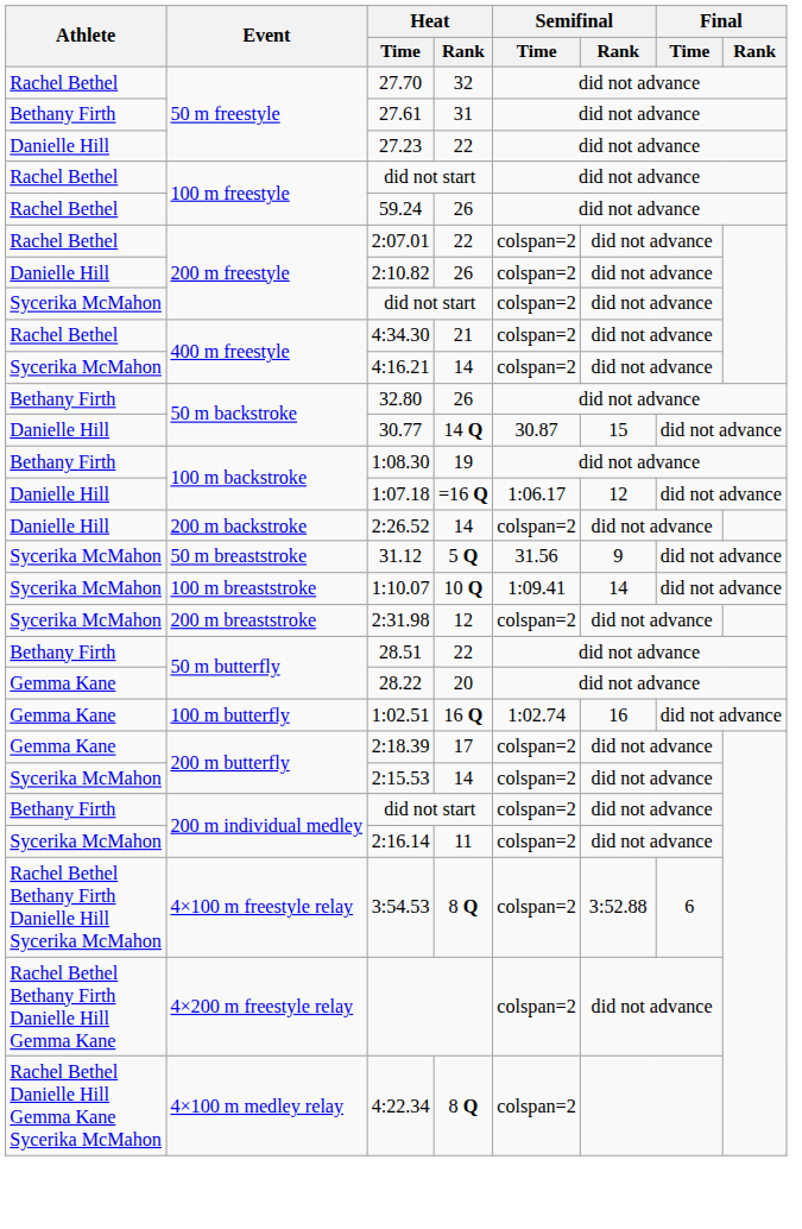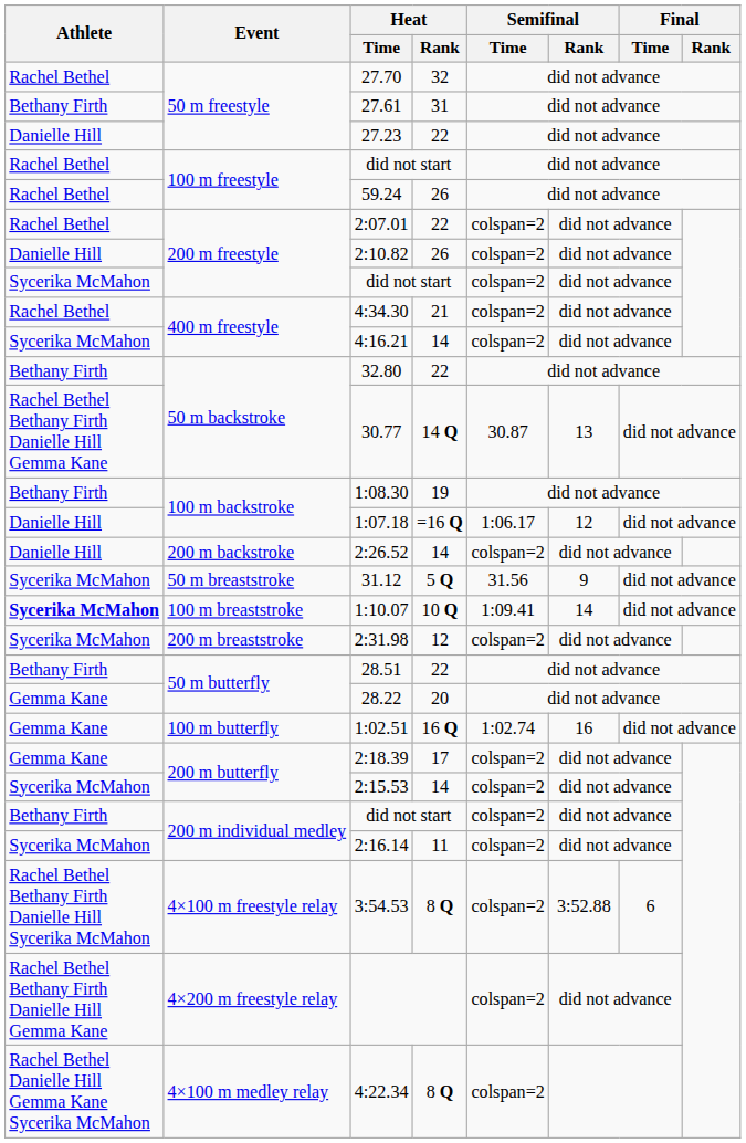 <table class=wikitable style=font-size:90%>
 <tr>
 <th rowspan=2>Athlete</th>
 <th rowspan=2>Event</th>
 <th colspan=2>Heat</th>
 <th colspan=2>Semifinal</th>
 <th colspan=2>Final</th>
 </tr>
 <tr style=font-size:95%>
 <th>Time</th>
 <th>Rank</th>
 <th>Time</th>
 <th>Rank</th>
 <th>Time</th>
 <th>Rank</th>
 </tr>
 <tr align=center>
 <td align=left><a href='#'>Rachel Bethel</a></td>
 <td align=left rowspan=3><a href='#'>50 m freestyle</a></td>
 <td>27.70</td>
 <td>32</td>
 <td colspan=4>did not advance</td>
 </tr>
 <tr align=center>
 <td align=left><a href='#'>Bethany Firth</a></td>
 <td>27.61</td>
 <td>31</td>
 <td colspan=4>did not advance</td>
 </tr>
 <tr align=center>
 <td align=left><a href='#'>Danielle Hill</a></td>
 <td>27.23</td>
 <td>22</td>
 <td colspan=4>did not advance</td>
 </tr>
 <tr align=center>
 <td align=left><a href='#'>Rachel Bethel</a></td>
 <td align=left rowspan=2><a href='#'>100 m freestyle</a></td>
 <td colspan=2>did not start</td>
 <td colspan=4>did not advance</td>
 </tr>
 <tr align=center>
 <td align=left><a href='#'>Rachel Bethel</a></td>
 <td>59.24</td>
 <td>26</td>
 <td colspan=4>did not advance</td>
 </tr>
 <tr align=center>
 <td align=left><a href='#'>Rachel Bethel</a></td>
 <td align=left rowspan=3><a href='#'>200 m freestyle</a></td>
 <td>2:07.01</td>
 <td>22</td>
 <td>colspan=2 </td>
 <td colspan=2>did not advance</td>
 </tr>
 <tr align=center>
 <td align=left><a href='#'>Danielle Hill</a></td>
 <td>2:10.82</td>
 <td>26</td>
 <td>colspan=2 </td>
 <td colspan=2>did not advance</td>
 </tr>
 <tr align=center>
 <td align=left><a href='#'>Sycerika McMahon</a></td>
 <td colspan=2>did not start</td>
 <td>colspan=2 </td>
 <td colspan=2>did not advance</td>
 </tr>
 <tr align=center>
 <td align=left><a href='#'>Rachel Bethel</a></td>
 <td align=left rowspan=2><a href='#'>400 m freestyle</a></td>
 <td>4:34.30</td>
 <td>21</td>
 <td>colspan=2 </td>
 <td colspan=2>did not advance</td>
 </tr>
 <tr align=center>
 <td align=left><a href='#'>Sycerika McMahon</a></td>
 <td>4:16.21</td>
 <td>14</td>
 <td>colspan=2 </td>
 <td colspan=2>did not advance</td>
 </tr>
 <tr align=center>
 <td align=left><a href='#'>Bethany Firth</a></td>
 <td align=left rowspan=2><a href='#'>50 m backstroke</a></td>
 <td>32.80</td>
-<td>26</td>
+<td>22</td>
 <td colspan=4>did not advance</td>
 </tr>
 <tr align=center>
-<td align=left><a href='#'>Danielle Hill</a></td>
+<td align=left><a href='#'>Rachel Bethel</a><br><a href='#'>Bethany Firth</a><br><a href='#'>Danielle Hill</a><br><a href='#'>Gemma Kane</a></td>
 <td>30.77</td>
 <td>14 <strong>Q</strong></td>
 <td>30.87</td>
-<td>15</td>
+<td>13</td>
 <td colspan=2>did not advance</td>
 </tr>
 <tr align=center>
 <td align=left><a href='#'>Bethany Firth</a></td>
 <td align=left rowspan=2><a href='#'>100 m backstroke</a></td>
 <td>1:08.30</td>
 <td>19</td>
 <td colspan=4>did not advance</td>
 </tr>
 <tr align=center>
 <td align=left><a href='#'>Danielle Hill</a></td>
 <td>1:07.18</td>
 <td>=16 <strong>Q</strong></td>
 <td>1:06.17</td>
 <td>12</td>
 <td colspan=2>did not advance</td>
 </tr>
 <tr align=center>
 <td align=left><a href='#'>Danielle Hill</a></td>
 <td align=left><a href='#'>200 m backstroke</a></td>
 <td>2:26.52</td>
 <td>14</td>
 <td>colspan=2 </td>
 <td colspan=2>did not advance</td>
 </tr>
 <tr align=center>
 <td align=left><a href='#'>Sycerika McMahon</a></td>
 <td align=left><a href='#'>50 m breaststroke</a></td>
 <td>31.12</td>
 <td>5 <strong>Q</strong></td>
 <td>31.56</td>
 <td>9</td>
 <td colspan=2>did not advance</td>
 </tr>
 <tr align=center>
-<td align=left><a href='#'>Sycerika McMahon</a></td>
+<td align=left><strong><a href='#'>Sycerika McMahon</a></strong></td>
 <td align=left><a href='#'>100 m breaststroke</a></td>
 <td>1:10.07</td>
 <td>10 <strong>Q</strong></td>
 <td>1:09.41</td>
 <td>14</td>
 <td colspan=2>did not advance</td>
 </tr>
 <tr align=center>
 <td align=left><a href='#'>Sycerika McMahon</a></td>
 <td align=left><a href='#'>200 m breaststroke</a></td>
 <td>2:31.98</td>
 <td>12</td>
 <td>colspan=2 </td>
 <td colspan=2>did not advance</td>
 </tr>
 <tr align=center>
 <td align=left><a href='#'>Bethany Firth</a></td>
 <td align=left rowspan=2><a href='#'>50 m butterfly</a></td>
 <td>28.51</td>
 <td>22</td>
 <td colspan=4>did not advance</td>
 </tr>
 <tr align=center>
 <td align=left><a href='#'>Gemma Kane</a></td>
 <td>28.22</td>
 <td>20</td>
 <td colspan=4>did not advance</td>
 </tr>
 <tr align=center>
 <td align=left><a href='#'>Gemma Kane</a></td>
 <td align=left><a href='#'>100 m butterfly</a></td>
 <td>1:02.51</td>
 <td>16 <strong>Q</strong></td>
 <td>1:02.74</td>
 <td>16</td>
 <td colspan=2>did not advance</td>
 </tr>
 <tr align=center>
 <td align=left><a href='#'>Gemma Kane</a></td>
 <td align=left rowspan=2><a href='#'>200 m butterfly</a></td>
 <td>2:18.39</td>
 <td>17</td>
 <td>colspan=2 </td>
 <td colspan=2>did not advance</td>
 </tr>
 <tr align=center>
 <td align=left><a href='#'>Sycerika McMahon</a></td>
 <td>2:15.53</td>
 <td>14</td>
 <td>colspan=2 </td>
 <td colspan=2>did not advance</td>
 </tr>
 <tr align=center>
 <td align=left><a href='#'>Bethany Firth</a></td>
 <td align=left rowspan=2><a href='#'>200 m individual medley</a></td>
 <td colspan=2>did not start</td>
 <td>colspan=2 </td>
 <td colspan=2>did not advance</td>
 </tr>
 <tr align=center>
 <td align=left><a href='#'>Sycerika McMahon</a></td>
 <td>2:16.14</td>
 <td>11</td>
 <td>colspan=2 </td>
 <td colspan=2>did not advance</td>
 </tr>
 <tr align=center>
 <td align=left><a href='#'>Rachel Bethel</a><br><a href='#'>Bethany Firth</a><br><a href='#'>Danielle Hill</a><br><a href='#'>Sycerika McMahon</a></td>
 <td align=left><a href='#'>4×100 m freestyle relay</a></td>
 <td>3:54.53</td>
 <td>8 <strong>Q</strong></td>
 <td>colspan=2 </td>
 <td>3:52.88</td>
 <td>6</td>
 </tr>
 <tr align=center>
 <td align=left><a href='#'>Rachel Bethel</a><br><a href='#'>Bethany Firth</a><br><a href='#'>Danielle Hill</a><br><a href='#'>Gemma Kane</a></td>
 <td align=left><a href='#'>4×200 m freestyle relay</a></td>
 <td colspan=2></td>
 <td>colspan=2 </td>
 <td colspan=2>did not advance</td>
 </tr>
 <tr align=center>
 <td align=left><a href='#'>Rachel Bethel</a><br><a href='#'>Danielle Hill</a><br><a href='#'>Gemma Kane</a><br><a href='#'>Sycerika McMahon</a></td>
 <td align=left><a href='#'>4×100 m medley relay</a></td>
 <td>4:22.34</td>
 <td>8 <strong>Q</strong></td>
 <td>colspan=2 </td>
 <td colspan=2></td>
 </tr>
 </table>
